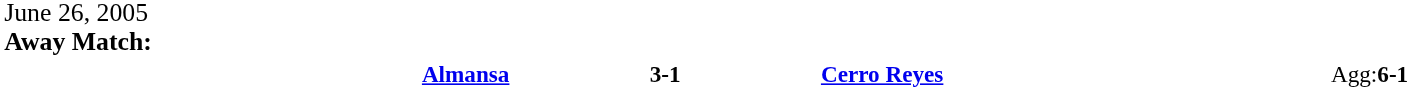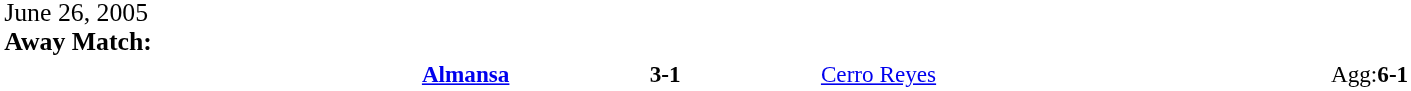 <table width=100% cellspacing=1>
 <tr>
 <th width=20%></th>
 <th width=12%></th>
 <th width=20%></th>
 <th></th>
 </tr>
 <tr>
 <td>June 26, 2005<br><strong>Away Match:</strong></td>
 </tr>
 <tr style=font-size:90%>
 <td align=right><strong><a href='#'>Almansa</a></strong></td>
 <td align=center><strong>3-1</strong></td>
-<td><strong><a href='#'>Cerro Reyes</a></strong></td>
+<td><a href='#'>Cerro Reyes</a></td>
 <td>Agg:<strong>6-1</strong></td>
 </tr>
 </table>
